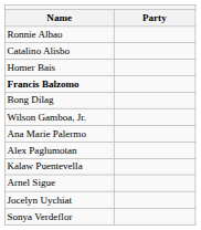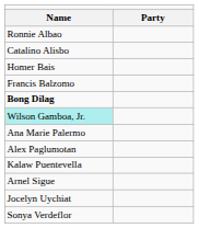 <table class=wikitable style="font-size:90%">
 <tr>
 <td colspan=4 bgcolor=></td>
 </tr>
 <tr>
 <th style="width:150px;">Name</th>
 <th colspan="2" style="width:110px;">Party</th>
 </tr>
 <tr>
 <td>Ronnie Albao</td>
 <td></td>
 </tr>
 <tr>
 <td>Catalino Alisbo</td>
 <td></td>
 </tr>
 <tr>
 <td>Homer Bais</td>
 <td></td>
 </tr>
 <tr>
-<td><strong>Francis Balzomo</strong></td>
+<td>Francis Balzomo</td>
 <td></td>
 </tr>
 <tr>
-<td>Bong Dilag</td>
+<td><strong>Bong Dilag</strong></td>
 <td></td>
 </tr>
 <tr>
-<td>Wilson Gamboa, Jr.</td>
+<td style="background: paleturquoise;">Wilson Gamboa, Jr.</td>
 <td></td>
 </tr>
 <tr>
 <td>Ana Marie Palermo</td>
 <td></td>
 </tr>
 <tr>
 <td>Alex Paglumotan</td>
 <td></td>
 </tr>
 <tr>
 <td>Kalaw Puentevella</td>
 <td></td>
 </tr>
 <tr>
 <td>Arnel Sigue</td>
 <td></td>
 </tr>
 <tr>
 <td>Jocelyn Uychiat</td>
 <td></td>
 </tr>
 <tr>
 <td>Sonya Verdeflor</td>
 <td></td>
 </tr>
 </table>
